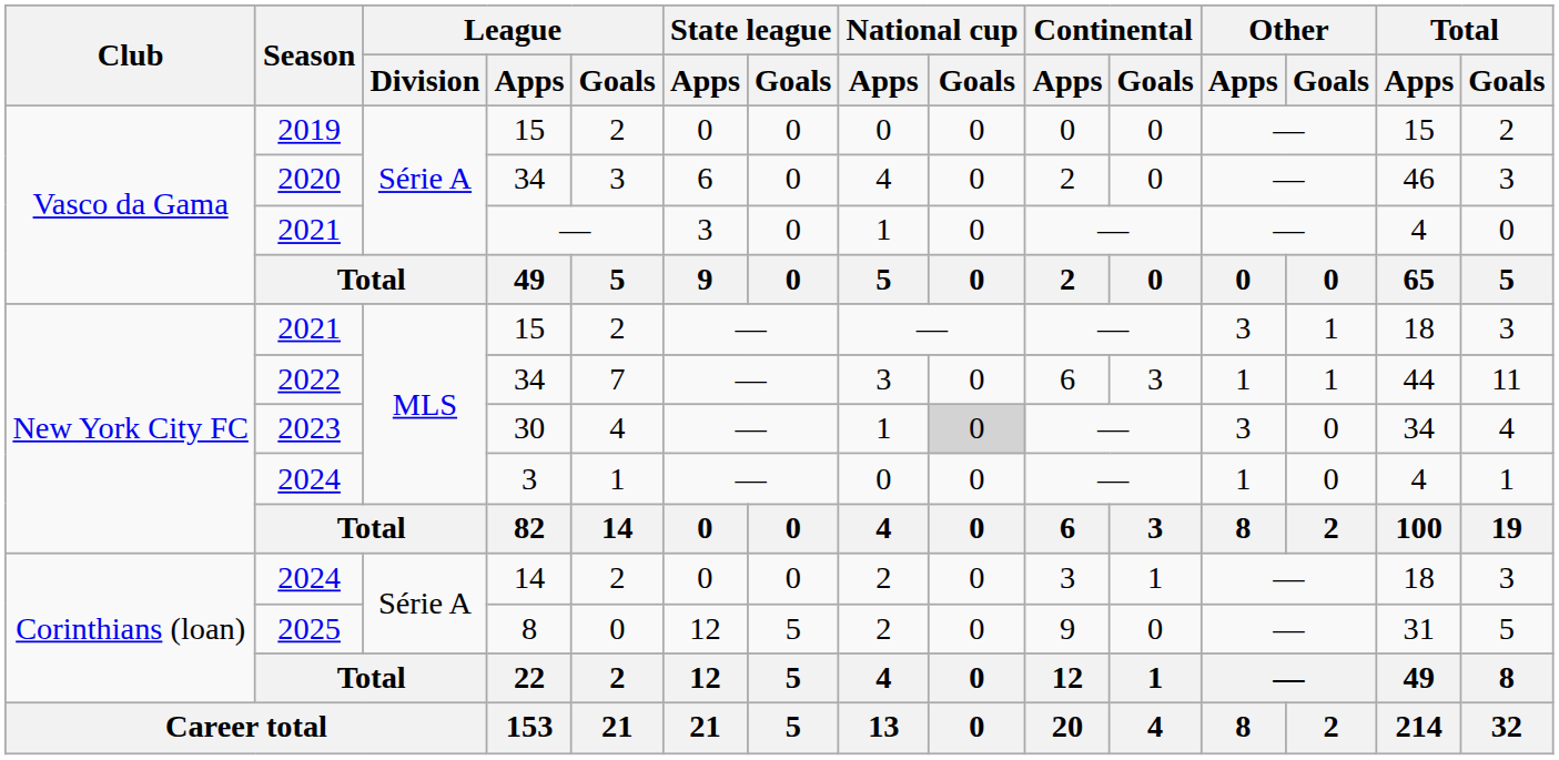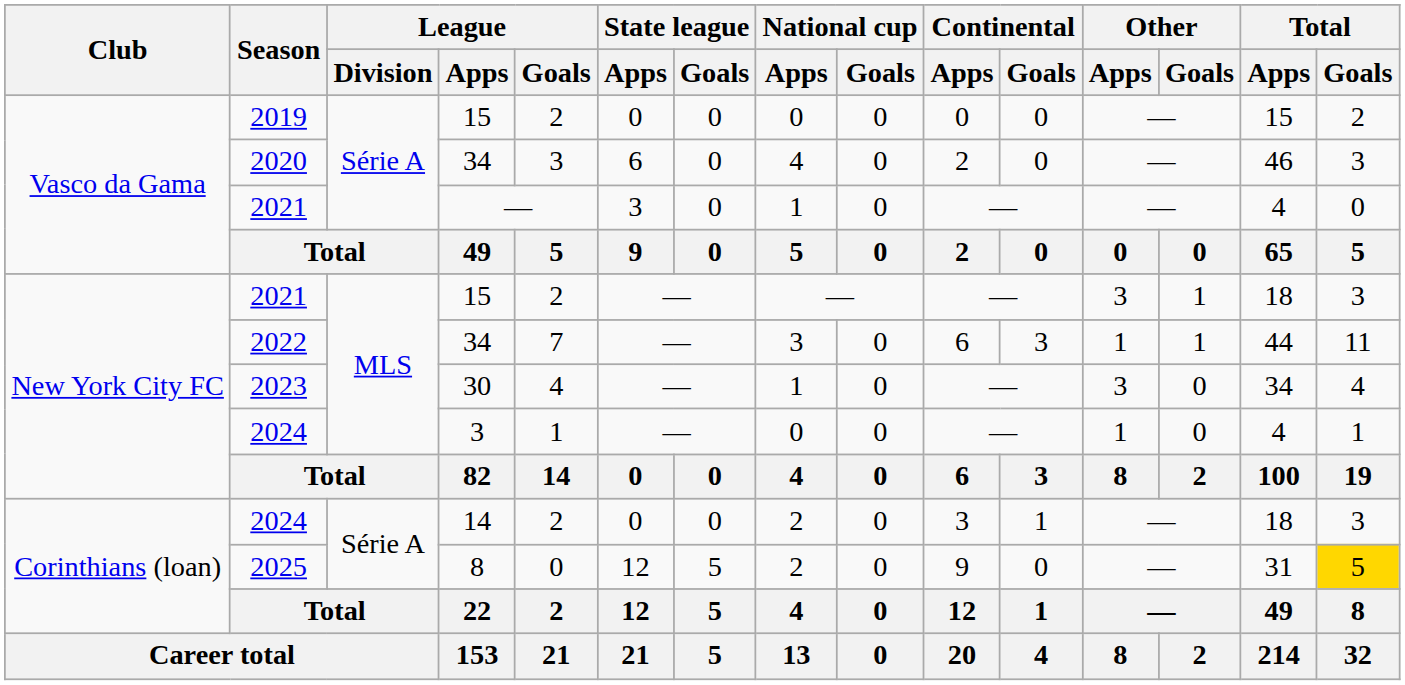 <table class="wikitable" style="text-align:center">
 <tr>
 <th rowspan="2">Club</th>
 <th rowspan="2">Season</th>
 <th colspan="3">League</th>
 <th colspan="2">State league</th>
 <th colspan="2">National cup</th>
 <th colspan="2">Continental</th>
 <th colspan="2">Other</th>
 <th colspan="2">Total</th>
 </tr>
 <tr>
 <th>Division</th>
 <th>Apps</th>
 <th>Goals</th>
 <th>Apps</th>
 <th>Goals</th>
 <th>Apps</th>
 <th>Goals</th>
 <th>Apps</th>
 <th>Goals</th>
 <th>Apps</th>
 <th>Goals</th>
 <th>Apps</th>
 <th>Goals</th>
 </tr>
 <tr>
 <td rowspan="4"><a href='#'>Vasco da Gama</a></td>
 <td><a href='#'>2019</a></td>
 <td rowspan="3"><a href='#'>Série A</a></td>
 <td>15</td>
 <td>2</td>
 <td>0</td>
 <td>0</td>
 <td>0</td>
 <td>0</td>
 <td>0</td>
 <td>0</td>
 <td colspan="2">—</td>
 <td>15</td>
 <td>2</td>
 </tr>
 <tr>
 <td><a href='#'>2020</a></td>
 <td>34</td>
 <td>3</td>
 <td>6</td>
 <td>0</td>
 <td>4</td>
 <td>0</td>
 <td>2</td>
 <td>0</td>
 <td colspan="2">—</td>
 <td>46</td>
 <td>3</td>
 </tr>
 <tr>
 <td><a href='#'>2021</a></td>
 <td colspan="2">—</td>
 <td>3</td>
 <td>0</td>
 <td>1</td>
 <td>0</td>
 <td colspan="2">—</td>
 <td colspan="2">—</td>
 <td>4</td>
 <td>0</td>
 </tr>
 <tr>
 <th colspan="2">Total</th>
 <th>49</th>
 <th>5</th>
 <th>9</th>
 <th>0</th>
 <th>5</th>
 <th>0</th>
 <th>2</th>
 <th>0</th>
 <th>0</th>
 <th>0</th>
 <th>65</th>
 <th>5</th>
 </tr>
 <tr>
 <td rowspan="5"><a href='#'>New York City FC</a></td>
 <td><a href='#'>2021</a></td>
 <td rowspan="4"><a href='#'>MLS</a></td>
 <td>15</td>
 <td>2</td>
 <td colspan="2">—</td>
 <td colspan="2">—</td>
 <td colspan="2">—</td>
 <td>3</td>
 <td>1</td>
 <td>18</td>
 <td>3</td>
 </tr>
 <tr>
 <td><a href='#'>2022</a></td>
 <td>34</td>
 <td>7</td>
 <td colspan="2">—</td>
 <td>3</td>
 <td>0</td>
 <td>6</td>
 <td>3</td>
 <td>1</td>
 <td>1</td>
 <td>44</td>
 <td>11</td>
 </tr>
 <tr>
 <td><a href='#'>2023</a></td>
 <td>30</td>
 <td>4</td>
 <td colspan="2">—</td>
 <td>1</td>
-<td style="background: lightgrey;">0</td>
+<td>0</td>
 <td colspan="2">—</td>
 <td>3</td>
 <td>0</td>
 <td>34</td>
 <td>4</td>
 </tr>
 <tr>
 <td><a href='#'>2024</a></td>
 <td>3</td>
 <td>1</td>
 <td colspan="2">—</td>
 <td>0</td>
 <td>0</td>
 <td colspan="2">—</td>
 <td>1</td>
 <td>0</td>
 <td>4</td>
 <td>1</td>
 </tr>
 <tr>
 <th colspan="2">Total</th>
 <th>82</th>
 <th>14</th>
 <th>0</th>
 <th>0</th>
 <th>4</th>
 <th>0</th>
 <th>6</th>
 <th>3</th>
 <th>8</th>
 <th>2</th>
 <th>100</th>
 <th>19</th>
 </tr>
 <tr>
 <td rowspan="3"><a href='#'>Corinthians</a> (loan)</td>
 <td><a href='#'>2024</a></td>
 <td rowspan="2">Série A</td>
 <td>14</td>
 <td>2</td>
 <td>0</td>
 <td>0</td>
 <td>2</td>
 <td>0</td>
 <td>3</td>
 <td>1</td>
 <td colspan="2">—</td>
 <td>18</td>
 <td>3</td>
 </tr>
 <tr>
 <td><a href='#'>2025</a></td>
 <td>8</td>
 <td>0</td>
 <td>12</td>
 <td>5</td>
 <td>2</td>
 <td>0</td>
 <td>9</td>
 <td>0</td>
 <td colspan="2">—</td>
 <td>31</td>
-<td>5</td>
+<td style="background: gold;">5</td>
 </tr>
 <tr>
 <th colspan="2">Total</th>
 <th>22</th>
 <th>2</th>
 <th>12</th>
 <th>5</th>
 <th>4</th>
 <th>0</th>
 <th>12</th>
 <th>1</th>
 <th colspan="2">—</th>
 <th>49</th>
 <th>8</th>
 </tr>
 <tr>
 <th colspan="3">Career total</th>
 <th>153</th>
 <th>21</th>
 <th>21</th>
 <th>5</th>
 <th>13</th>
 <th>0</th>
 <th>20</th>
 <th>4</th>
 <th>8</th>
 <th>2</th>
 <th>214</th>
 <th>32</th>
 </tr>
 </table>
